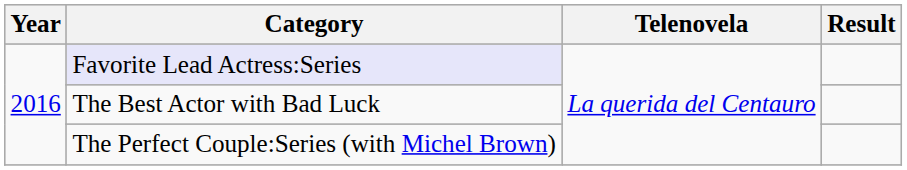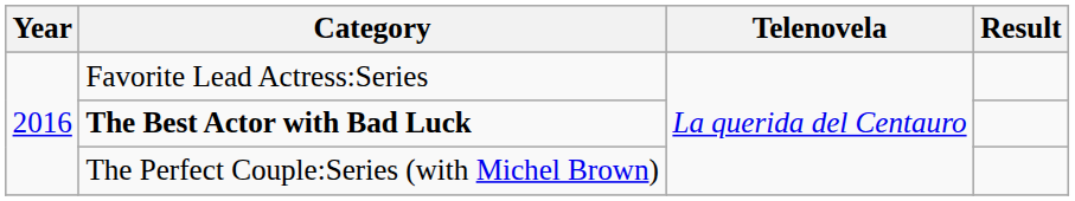 <table class="wikitable">
 <tr>
 <th>Year</th>
 <th>Category</th>
 <th>Telenovela</th>
 <th>Result</th>
 </tr>
 <tr>
 <td rowspan="3"><a href='#'>2016</a></td>
-<td style="background: lavender;">Favorite Lead Actress:Series</td>
+<td>Favorite Lead Actress:Series</td>
 <td rowspan="3"><em><a href='#'>La querida del Centauro</a></em></td>
 <td></td>
 </tr>
 <tr>
-<td>The Best Actor with Bad Luck</td>
+<td><strong>The Best Actor with Bad Luck</strong></td>
 <td></td>
 </tr>
 <tr>
 <td>The Perfect Couple:Series (with <a href='#'>Michel Brown</a>)</td>
 <td></td>
 </tr>
 </table>
